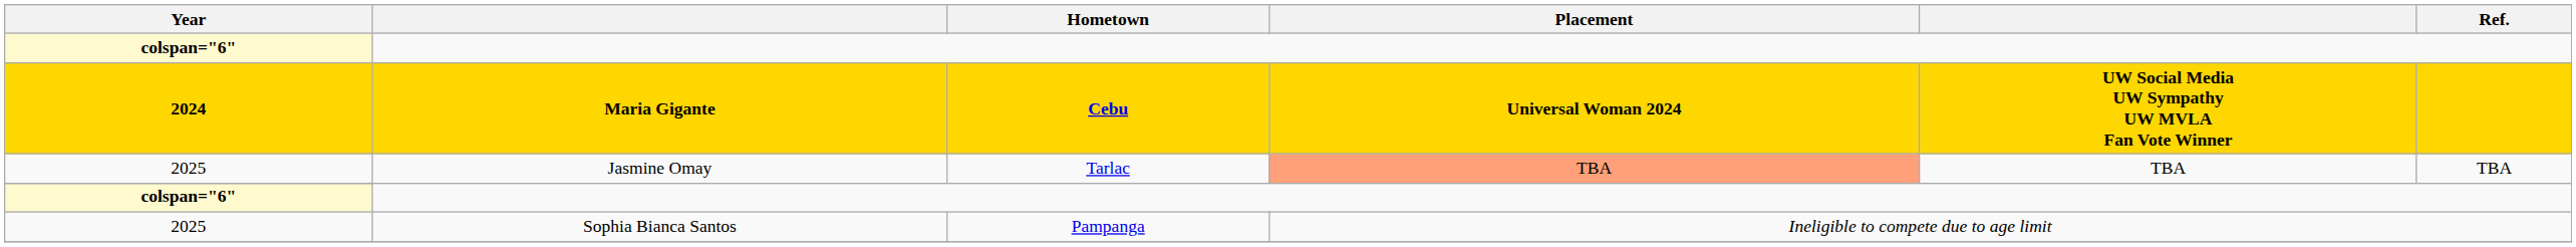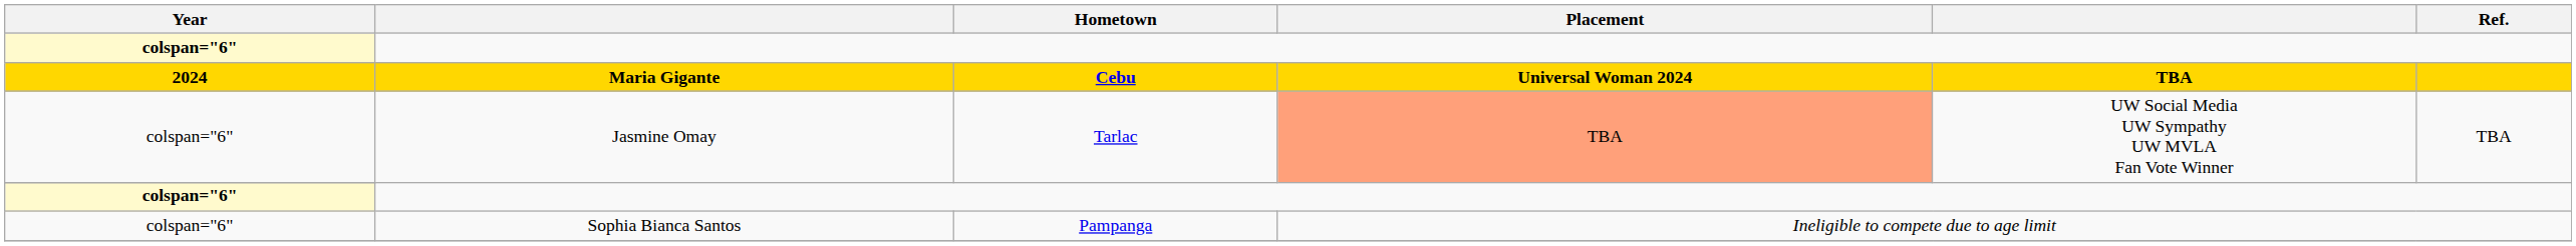 <table class="wikitable sortable" style="font-size: 85%; text-align:center; width:100%;">
 <tr>
 <th>Year</th>
 <th></th>
 <th>Hometown</th>
 <th>Placement</th>
 <th></th>
 <th>Ref.</th>
 </tr>
 <tr style="background-color:#FFFACD; font-weight: bold">
 <td>colspan="6" </td>
 </tr>
 <tr style="background-color:gold; font-weight: bold">
 <td>2024</td>
 <td>Maria Gigante</td>
 <td><a href='#'>Cebu</a></td>
 <td>Universal Woman 2024</td>
-<td>UW Social Media <br> UW Sympathy <br> UW MVLA <br> Fan Vote Winner</td>
+<td>TBA</td>
 <td></td>
 </tr>
 <tr>
-<td>2025</td>
+<td>colspan="6" </td>
 <td>Jasmine Omay</td>
 <td><a href='#'>Tarlac</a></td>
 <td style="background: lightsalmon;">TBA</td>
-<td>TBA</td>
+<td>UW Social Media <br> UW Sympathy <br> UW MVLA <br> Fan Vote Winner</td>
 <td>TBA</td>
 </tr>
 <tr>
 </tr>
 <tr>
 </tr>
 <tr>
 </tr>
 <tr style="background-color:#FFFACD; font-weight: bold">
 <td>colspan="6" </td>
 </tr>
 <tr>
-<td>2025</td>
+<td>colspan="6" </td>
 <td>Sophia Bianca Santos</td>
 <td><a href='#'>Pampanga</a></td>
 <td colspan="4"><em>Ineligible to compete due to age limit </em></td>
 </tr>
 <tr>
 </tr>
 </table>
